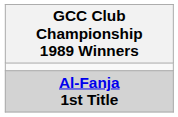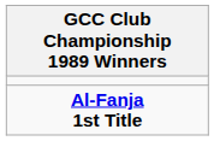 <table class="wikitable" style="text-align: center; margin: 0 auto; width: 20%">
 <tr>
 <th>GCC Club Championship <br>1989 Winners</th>
 </tr>
 <tr>
 <td></td>
 </tr>
 <tr>
-<td style="background: lightgrey;"><strong><a href='#'>Al-Fanja</a></strong><br><strong>1st Title</strong></td>
+<td><strong><a href='#'>Al-Fanja</a></strong><br><strong>1st Title</strong></td>
 </tr>
 </table>
